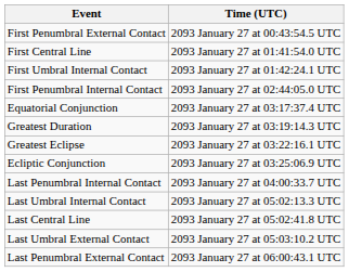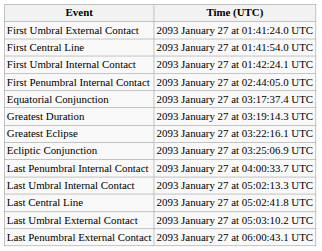 <table class="wikitable">
 <tr>
 <th>Event</th>
 <th>Time (UTC)</th>
 </tr>
 <tr>
-<td>First Penumbral External Contact</td>
-<td>2093 January 27 at 00:43:54.5 UTC</td>
+<td>First Umbral External Contact</td>
+<td>2093 January 27 at 01:41:24.0 UTC</td>
 </tr>
 <tr>
 <td>First Central Line</td>
 <td>2093 January 27 at 01:41:54.0 UTC</td>
 </tr>
 <tr>
 <td>First Umbral Internal Contact</td>
 <td>2093 January 27 at 01:42:24.1 UTC</td>
 </tr>
 <tr>
 <td>First Penumbral Internal Contact</td>
 <td>2093 January 27 at 02:44:05.0 UTC</td>
 </tr>
 <tr>
 <td>Equatorial Conjunction</td>
 <td>2093 January 27 at 03:17:37.4 UTC</td>
 </tr>
 <tr>
 <td>Greatest Duration</td>
 <td>2093 January 27 at 03:19:14.3 UTC</td>
 </tr>
 <tr>
 <td>Greatest Eclipse</td>
 <td>2093 January 27 at 03:22:16.1 UTC</td>
 </tr>
 <tr>
 <td>Ecliptic Conjunction</td>
 <td>2093 January 27 at 03:25:06.9 UTC</td>
 </tr>
 <tr>
 <td>Last Penumbral Internal Contact</td>
 <td>2093 January 27 at 04:00:33.7 UTC</td>
 </tr>
 <tr>
 <td>Last Umbral Internal Contact</td>
 <td>2093 January 27 at 05:02:13.3 UTC</td>
 </tr>
 <tr>
 <td>Last Central Line</td>
 <td>2093 January 27 at 05:02:41.8 UTC</td>
 </tr>
 <tr>
 <td>Last Umbral External Contact</td>
 <td>2093 January 27 at 05:03:10.2 UTC</td>
 </tr>
 <tr>
 <td>Last Penumbral External Contact</td>
 <td>2093 January 27 at 06:00:43.1 UTC</td>
 </tr>
 </table>
